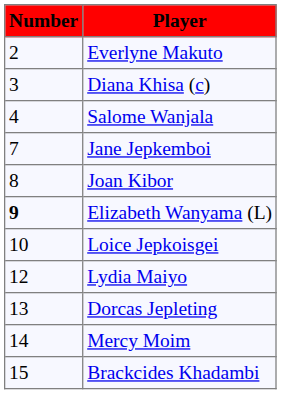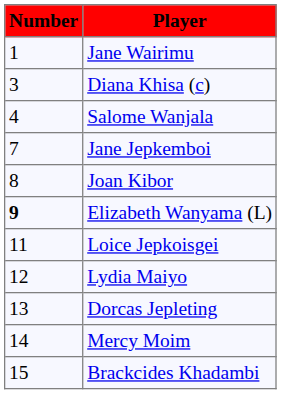 <table bgcolor="#f7f8ff" cellpadding="3" cellspacing="0" border="1" style="font-size: 95%; border: gray solid 1px; border-collapse: collapse;">
 <tr bgcolor="#ff0000">
 <td align=center><strong>Number</strong></td>
 <td align=center><strong>Player</strong></td>
 </tr>
-<tr align=left>
-<td>2</td>
-<td> <a href='#'>Everlyne Makuto</a></td>
+<tr align="left">
+<td>1</td>
+<td> <a href='#'>Jane Wairimu</a></td>
 </tr>
 <tr align="left">
 <td>3</td>
 <td> <a href='#'>Diana Khisa</a> (<a href='#'>c</a>)</td>
 </tr>
 <tr align="left">
 <td>4</td>
 <td> <a href='#'>Salome Wanjala</a></td>
 </tr>
 <tr align="left">
 <td>7</td>
 <td> <a href='#'>Jane Jepkemboi</a></td>
 </tr>
 <tr align="left">
 <td>8</td>
 <td> <a href='#'>Joan Kibor</a></td>
 </tr>
 <tr align="left">
 <td><strong>9</strong></td>
 <td> <a href='#'>Elizabeth Wanyama</a> (L)</td>
 </tr>
 <tr align="left">
-<td>10</td>
+<td>11</td>
 <td> <a href='#'>Loice Jepkoisgei</a></td>
 </tr>
 <tr align="left">
 <td>12</td>
 <td> <a href='#'>Lydia Maiyo</a></td>
 </tr>
 <tr align="left">
 <td>13</td>
 <td> <a href='#'>Dorcas Jepleting</a></td>
 </tr>
 <tr align="left">
 <td>14</td>
 <td> <a href='#'>Mercy Moim</a></td>
 </tr>
 <tr align="left">
 <td>15</td>
 <td> <a href='#'>Brackcides Khadambi</a></td>
 </tr>
 </table>
